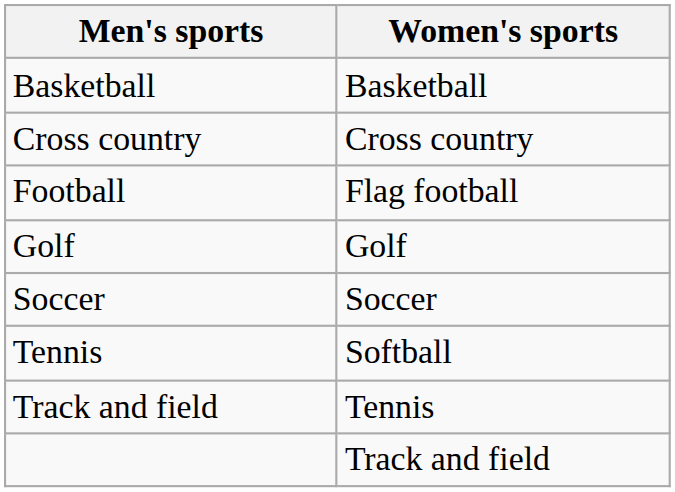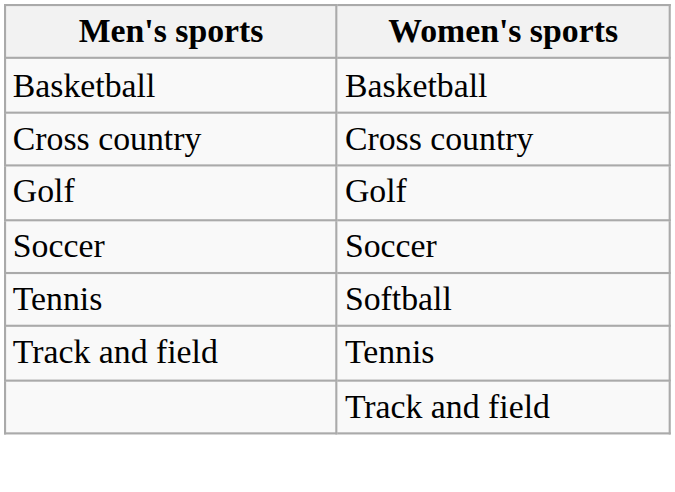 <table class="wikitable"; style= "text-align: ">
 <tr>
 <th width=150px>Men's sports</th>
 <th width=150px>Women's sports</th>
 </tr>
 <tr>
 <td>Basketball</td>
 <td>Basketball</td>
 </tr>
 <tr>
 <td>Cross country</td>
 <td>Cross country</td>
-</tr>
-<tr>
-<td>Football</td>
-<td>Flag football</td>
 </tr>
 <tr>
 <td>Golf</td>
 <td>Golf</td>
 </tr>
 <tr>
 <td>Soccer</td>
 <td>Soccer</td>
 </tr>
 <tr>
 <td>Tennis</td>
 <td>Softball</td>
 </tr>
 <tr>
 <td>Track and field</td>
 <td>Tennis</td>
 </tr>
 <tr>
 <td></td>
 <td>Track and field</td>
 </tr>
 </table>
